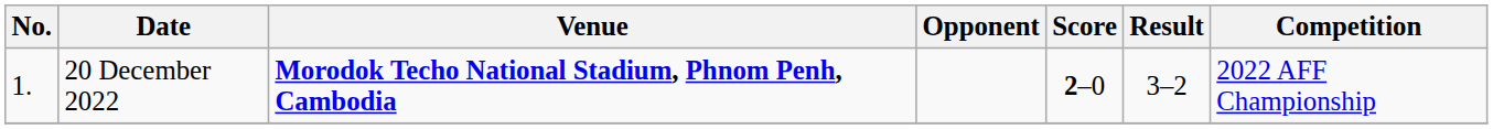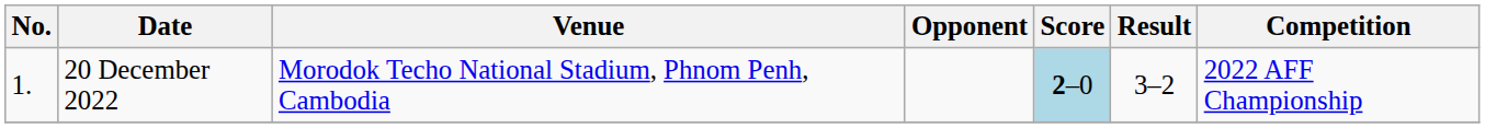 <table class="wikitable">
 <tr>
 <th>No.</th>
 <th>Date</th>
 <th>Venue</th>
 <th>Opponent</th>
 <th>Score</th>
 <th>Result</th>
 <th>Competition</th>
 </tr>
 <tr>
 <td>1.</td>
 <td>20 December 2022</td>
-<td><strong><a href='#'>Morodok Techo National Stadium</a>, <a href='#'>Phnom Penh</a>, <a href='#'>Cambodia</a></strong></td>
+<td><a href='#'>Morodok Techo National Stadium</a>, <a href='#'>Phnom Penh</a>, <a href='#'>Cambodia</a></td>
 <td></td>
-<td align=center><strong>2</strong>–0</td>
+<td align=center style="background: lightblue;"><strong>2</strong>–0</td>
 <td align=center>3–2</td>
 <td><a href='#'>2022 AFF Championship</a></td>
 </tr>
 <tr>
 </tr>
 </table>
